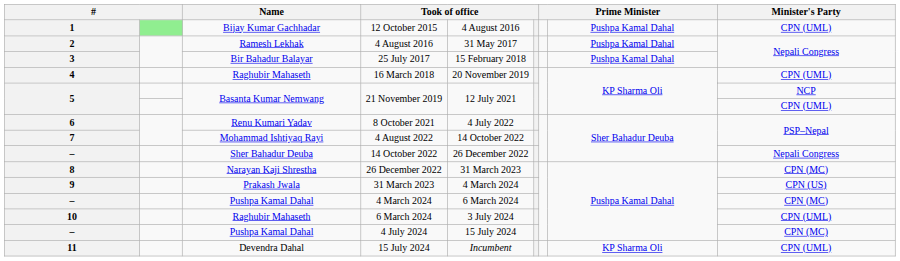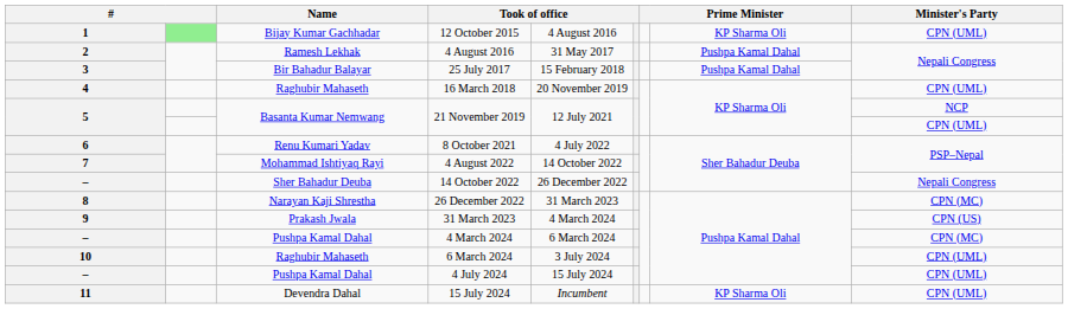 <table class="wikitable"  style="text-align:center">
 <tr>
 <th width=280px colspan="2">#</th>
 <th width=280px>Name</th>
 <th width=280px colspan="3">Took of office</th>
 <th width=280px colspan="2">Prime Minister</th>
 <th width=280px>Minister's Party</th>
 </tr>
 <tr>
 <th>1</th>
 <td style="background-color: lightgreen"></td>
 <td><a href='#'>Bijay Kumar Gachhadar</a><br></td>
 <td>12 October 2015</td>
 <td>4 August 2016</td>
 <th></th>
 <td style="background-color: "></td>
-<td><a href='#'>Pushpa Kamal Dahal</a></td>
+<td><a href='#'>KP Sharma Oli</a></td>
 <td><a href='#'>CPN (UML)</a></td>
 </tr>
 <tr>
 <th>2</th>
 <td rowspan="2" style="background-color: "></td>
 <td><a href='#'>Ramesh Lekhak</a><br></td>
 <td>4 August 2016</td>
 <td>31 May 2017</td>
 <th></th>
 <td style="background-color: "></td>
 <td><a href='#'>Pushpa Kamal Dahal</a></td>
 <td rowspan="2"><a href='#'>Nepali Congress</a></td>
 </tr>
 <tr>
 <th>3</th>
 <td><a href='#'>Bir Bahadur Balayar</a><br></td>
 <td>25 July 2017</td>
 <td>15 February 2018</td>
 <th></th>
 <td style="background-color: "></td>
 <td><a href='#'>Pushpa Kamal Dahal</a></td>
 </tr>
 <tr>
 <th rowspan="2">4</th>
 <td style="background-color: "></td>
 <td rowspan="2"><a href='#'>Raghubir Mahaseth</a><br></td>
 <td rowspan="2">16 March 2018</td>
 <td rowspan="2">20 November 2019</td>
 <th rowspan="2"></th>
 <td rowspan="4" style="background-color: "></td>
 <td rowspan="4"><a href='#'>KP Sharma Oli</a></td>
 <td><a href='#'>CPN (UML)</a></td>
 </tr>
 <tr>
 <td rowspan="2"></td>
 <td rowspan="2"><a href='#'>NCP</a></td>
 </tr>
 <tr>
 <th rowspan="2">5</th>
 <td rowspan="2"><a href='#'>Basanta Kumar Nemwang</a><br></td>
 <td rowspan="2">21 November 2019</td>
 <td rowspan="2">12 July 2021</td>
 <th rowspan="2"></th>
 </tr>
 <tr>
 <td style="background-color: "></td>
 <td><a href='#'>CPN (UML)</a></td>
 </tr>
 <tr>
 <th>6</th>
 <td rowspan="2" style="background-color: "></td>
 <td><a href='#'>Renu Kumari Yadav</a><br></td>
 <td>8 October 2021</td>
 <td>4 July 2022</td>
 <th></th>
 <td rowspan="3" style="background-color: "></td>
 <td rowspan="3"><a href='#'>Sher Bahadur Deuba</a></td>
 <td rowspan="2"><a href='#'>PSP–Nepal</a></td>
 </tr>
 <tr>
 <th>7</th>
 <td><a href='#'>Mohammad Ishtiyaq Rayi</a><br></td>
 <td>4 August 2022</td>
 <td>14 October 2022</td>
 <th></th>
 </tr>
 <tr>
 <th>–</th>
 <td style="background-color: "></td>
 <td><a href='#'>Sher Bahadur Deuba</a><br></td>
 <td>14 October 2022</td>
 <td>26 December 2022</td>
 <th></th>
 <td><a href='#'>Nepali Congress</a></td>
 </tr>
 <tr>
 <th>8</th>
 <td style="background-color: "></td>
 <td><a href='#'>Narayan Kaji Shrestha</a><br></td>
 <td>26 December 2022</td>
 <td>31 March 2023</td>
 <th></th>
 <td rowspan="5" style="background-color: "></td>
 <td rowspan="5"><a href='#'>Pushpa Kamal Dahal</a></td>
 <td><a href='#'>CPN (MC)</a></td>
 </tr>
 <tr>
 <th>9</th>
 <td style="background-color: "></td>
 <td><a href='#'>Prakash Jwala</a><br></td>
 <td>31 March 2023</td>
 <td>4 March 2024</td>
 <th></th>
 <td><a href='#'>CPN (US)</a></td>
 </tr>
 <tr>
 <th>–</th>
 <td style="background-color: "></td>
 <td><a href='#'>Pushpa Kamal Dahal</a><br></td>
 <td>4 March 2024</td>
 <td>6 March 2024</td>
 <th></th>
 <td><a href='#'>CPN (MC)</a></td>
 </tr>
 <tr>
 <th>10</th>
 <td style="background-color: "></td>
 <td><a href='#'>Raghubir Mahaseth</a><br></td>
 <td>6 March 2024</td>
 <td>3 July 2024</td>
 <th></th>
 <td><a href='#'>CPN (UML)</a></td>
 </tr>
 <tr>
 <th>–</th>
 <td style="background-color: "></td>
 <td><a href='#'>Pushpa Kamal Dahal</a><br></td>
 <td>4 July 2024</td>
 <td>15 July 2024</td>
 <th></th>
-<td><a href='#'>CPN (MC)</a></td>
+<td><a href='#'>CPN (UML)</a></td>
 </tr>
 <tr>
 <th>11</th>
 <td style="background-color: "></td>
 <td>Devendra Dahal<br> </td>
 <td>15 July 2024</td>
 <td><em>Incumbent</em></td>
 <th></th>
 <td rowspan="1" style="background-color: "></td>
 <td rowspan="1"><a href='#'>KP Sharma Oli</a></td>
 <td><a href='#'>CPN (UML)</a></td>
 </tr>
 </table>
